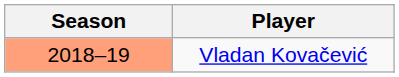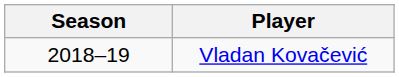 <table class="wikitable">
 <tr>
 <th style="width:120px;">Season</th>
 <th style="width:160px;">Player</th>
 </tr>
 <tr>
-<td style="background: lightsalmon; text-align:center;">2018–19</td>
+<td style="text-align:center;">2018–19</td>
 <td style="text-align:center;"> <a href='#'>Vladan Kovačević</a></td>
 </tr>
 </table>
